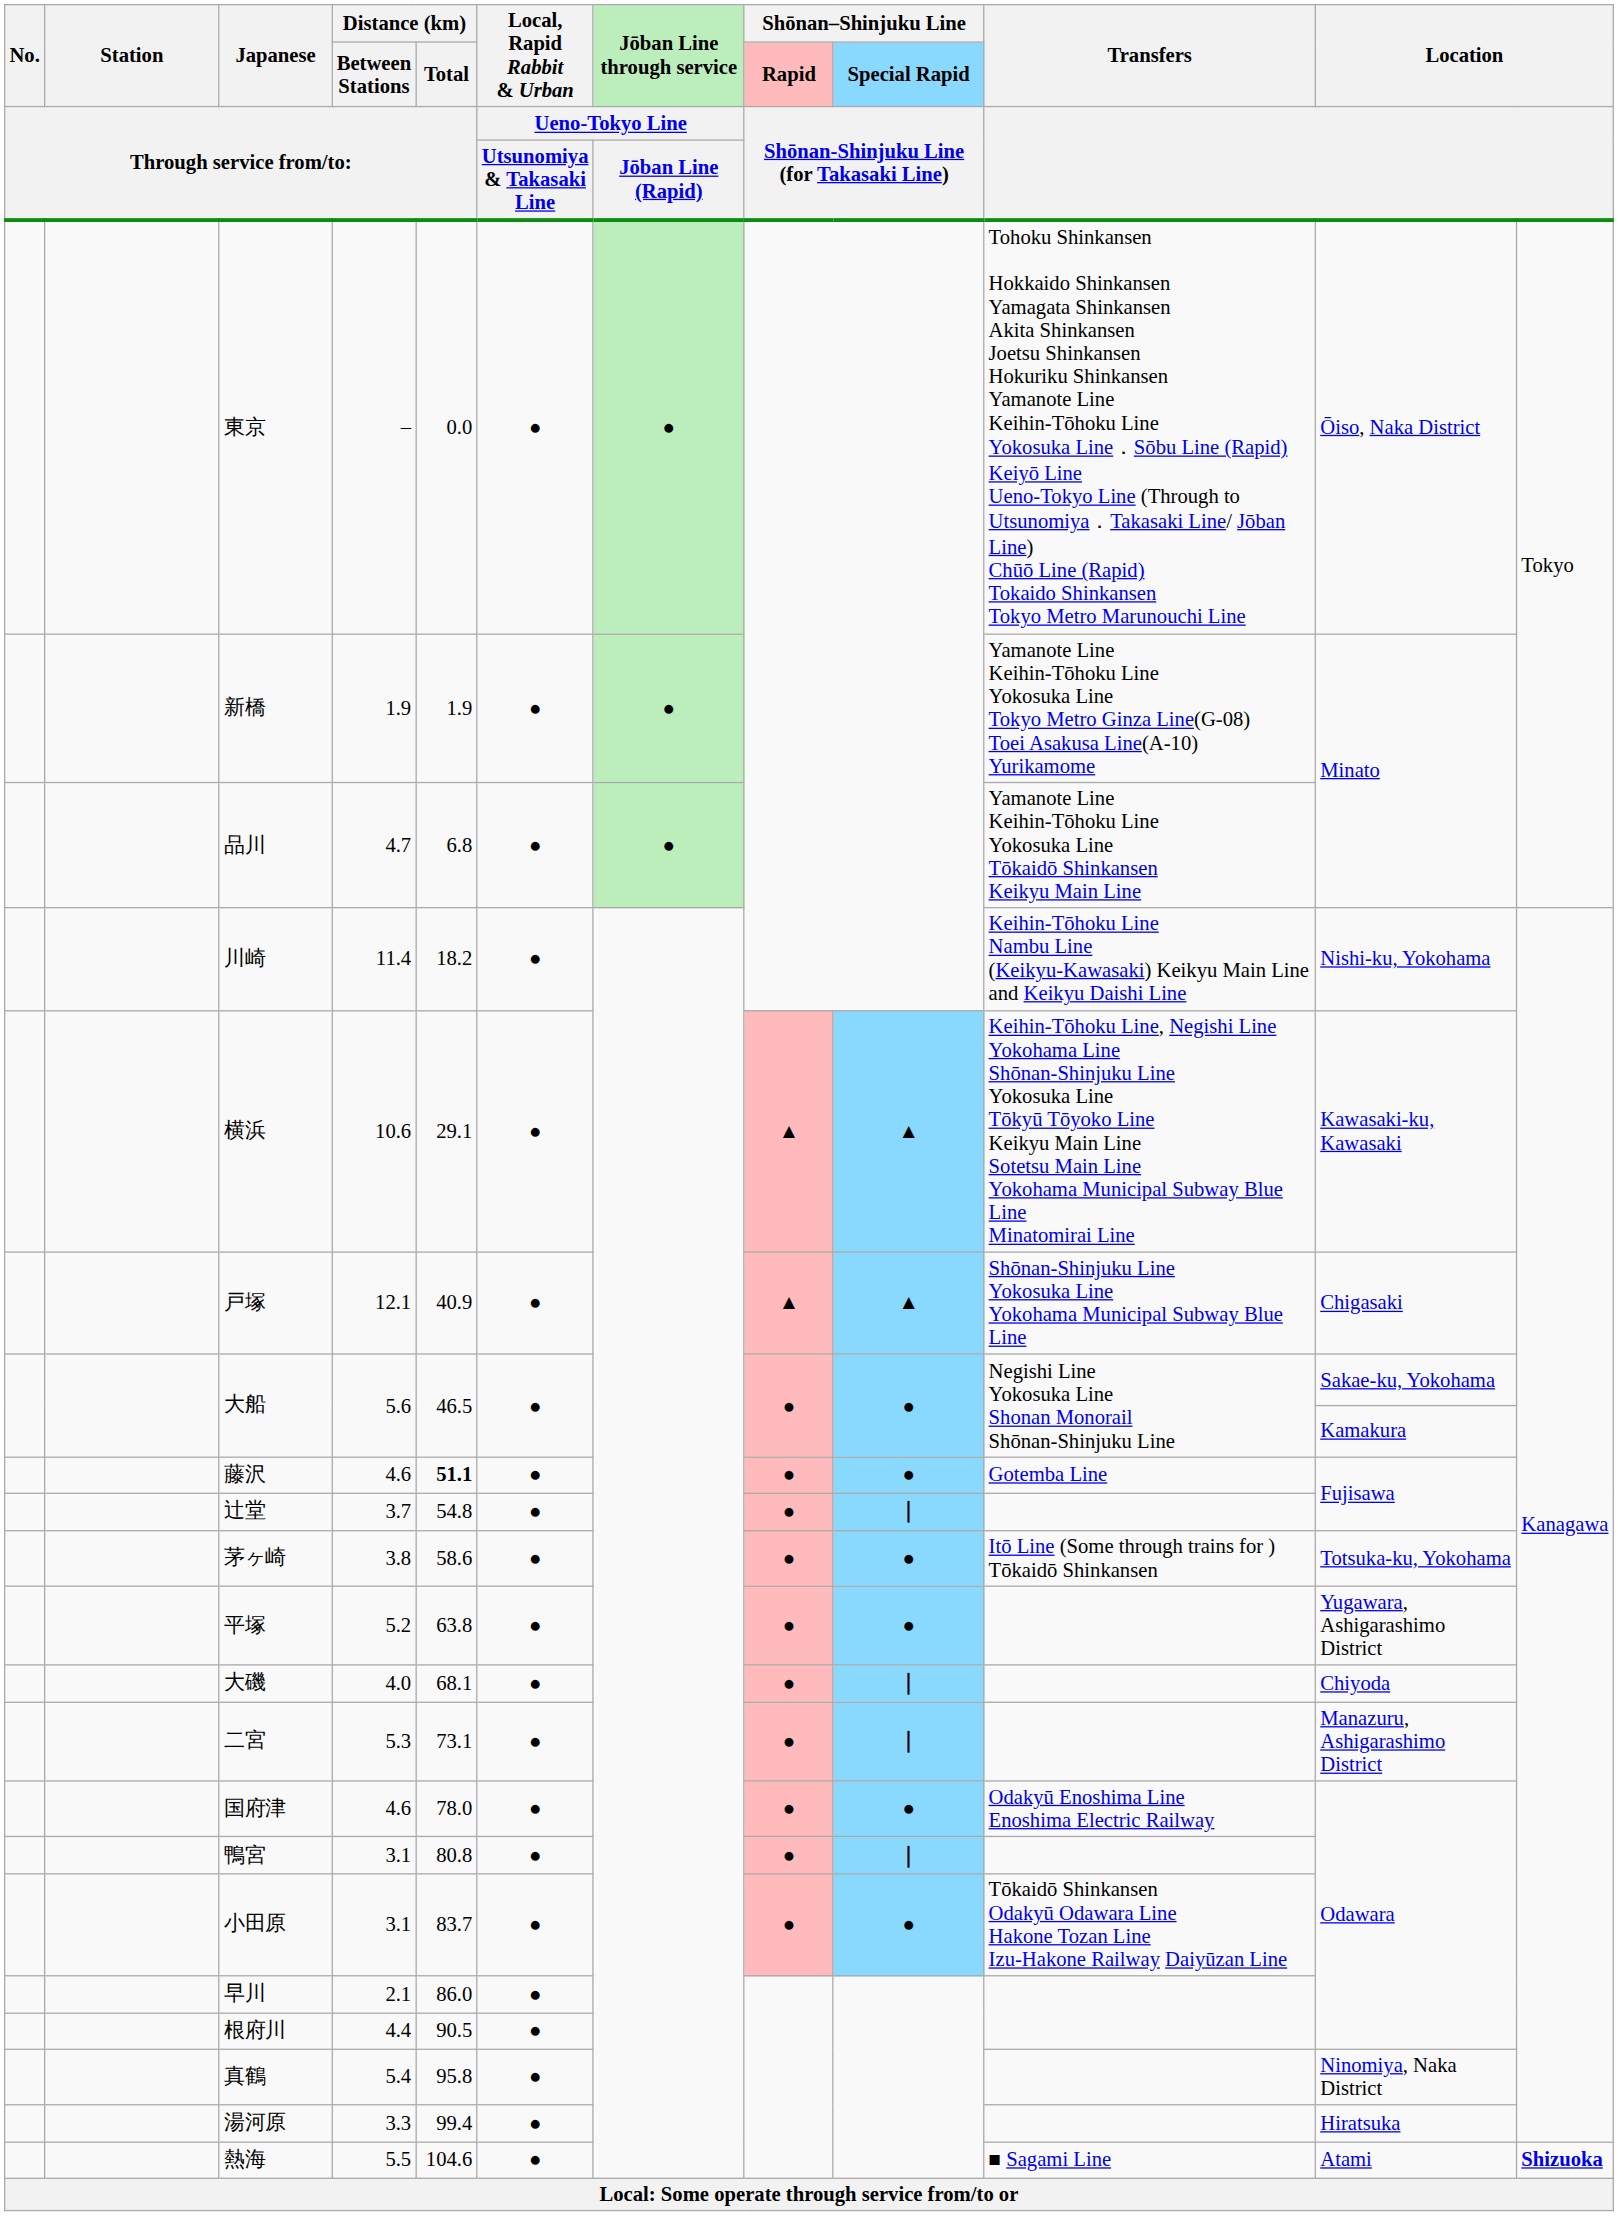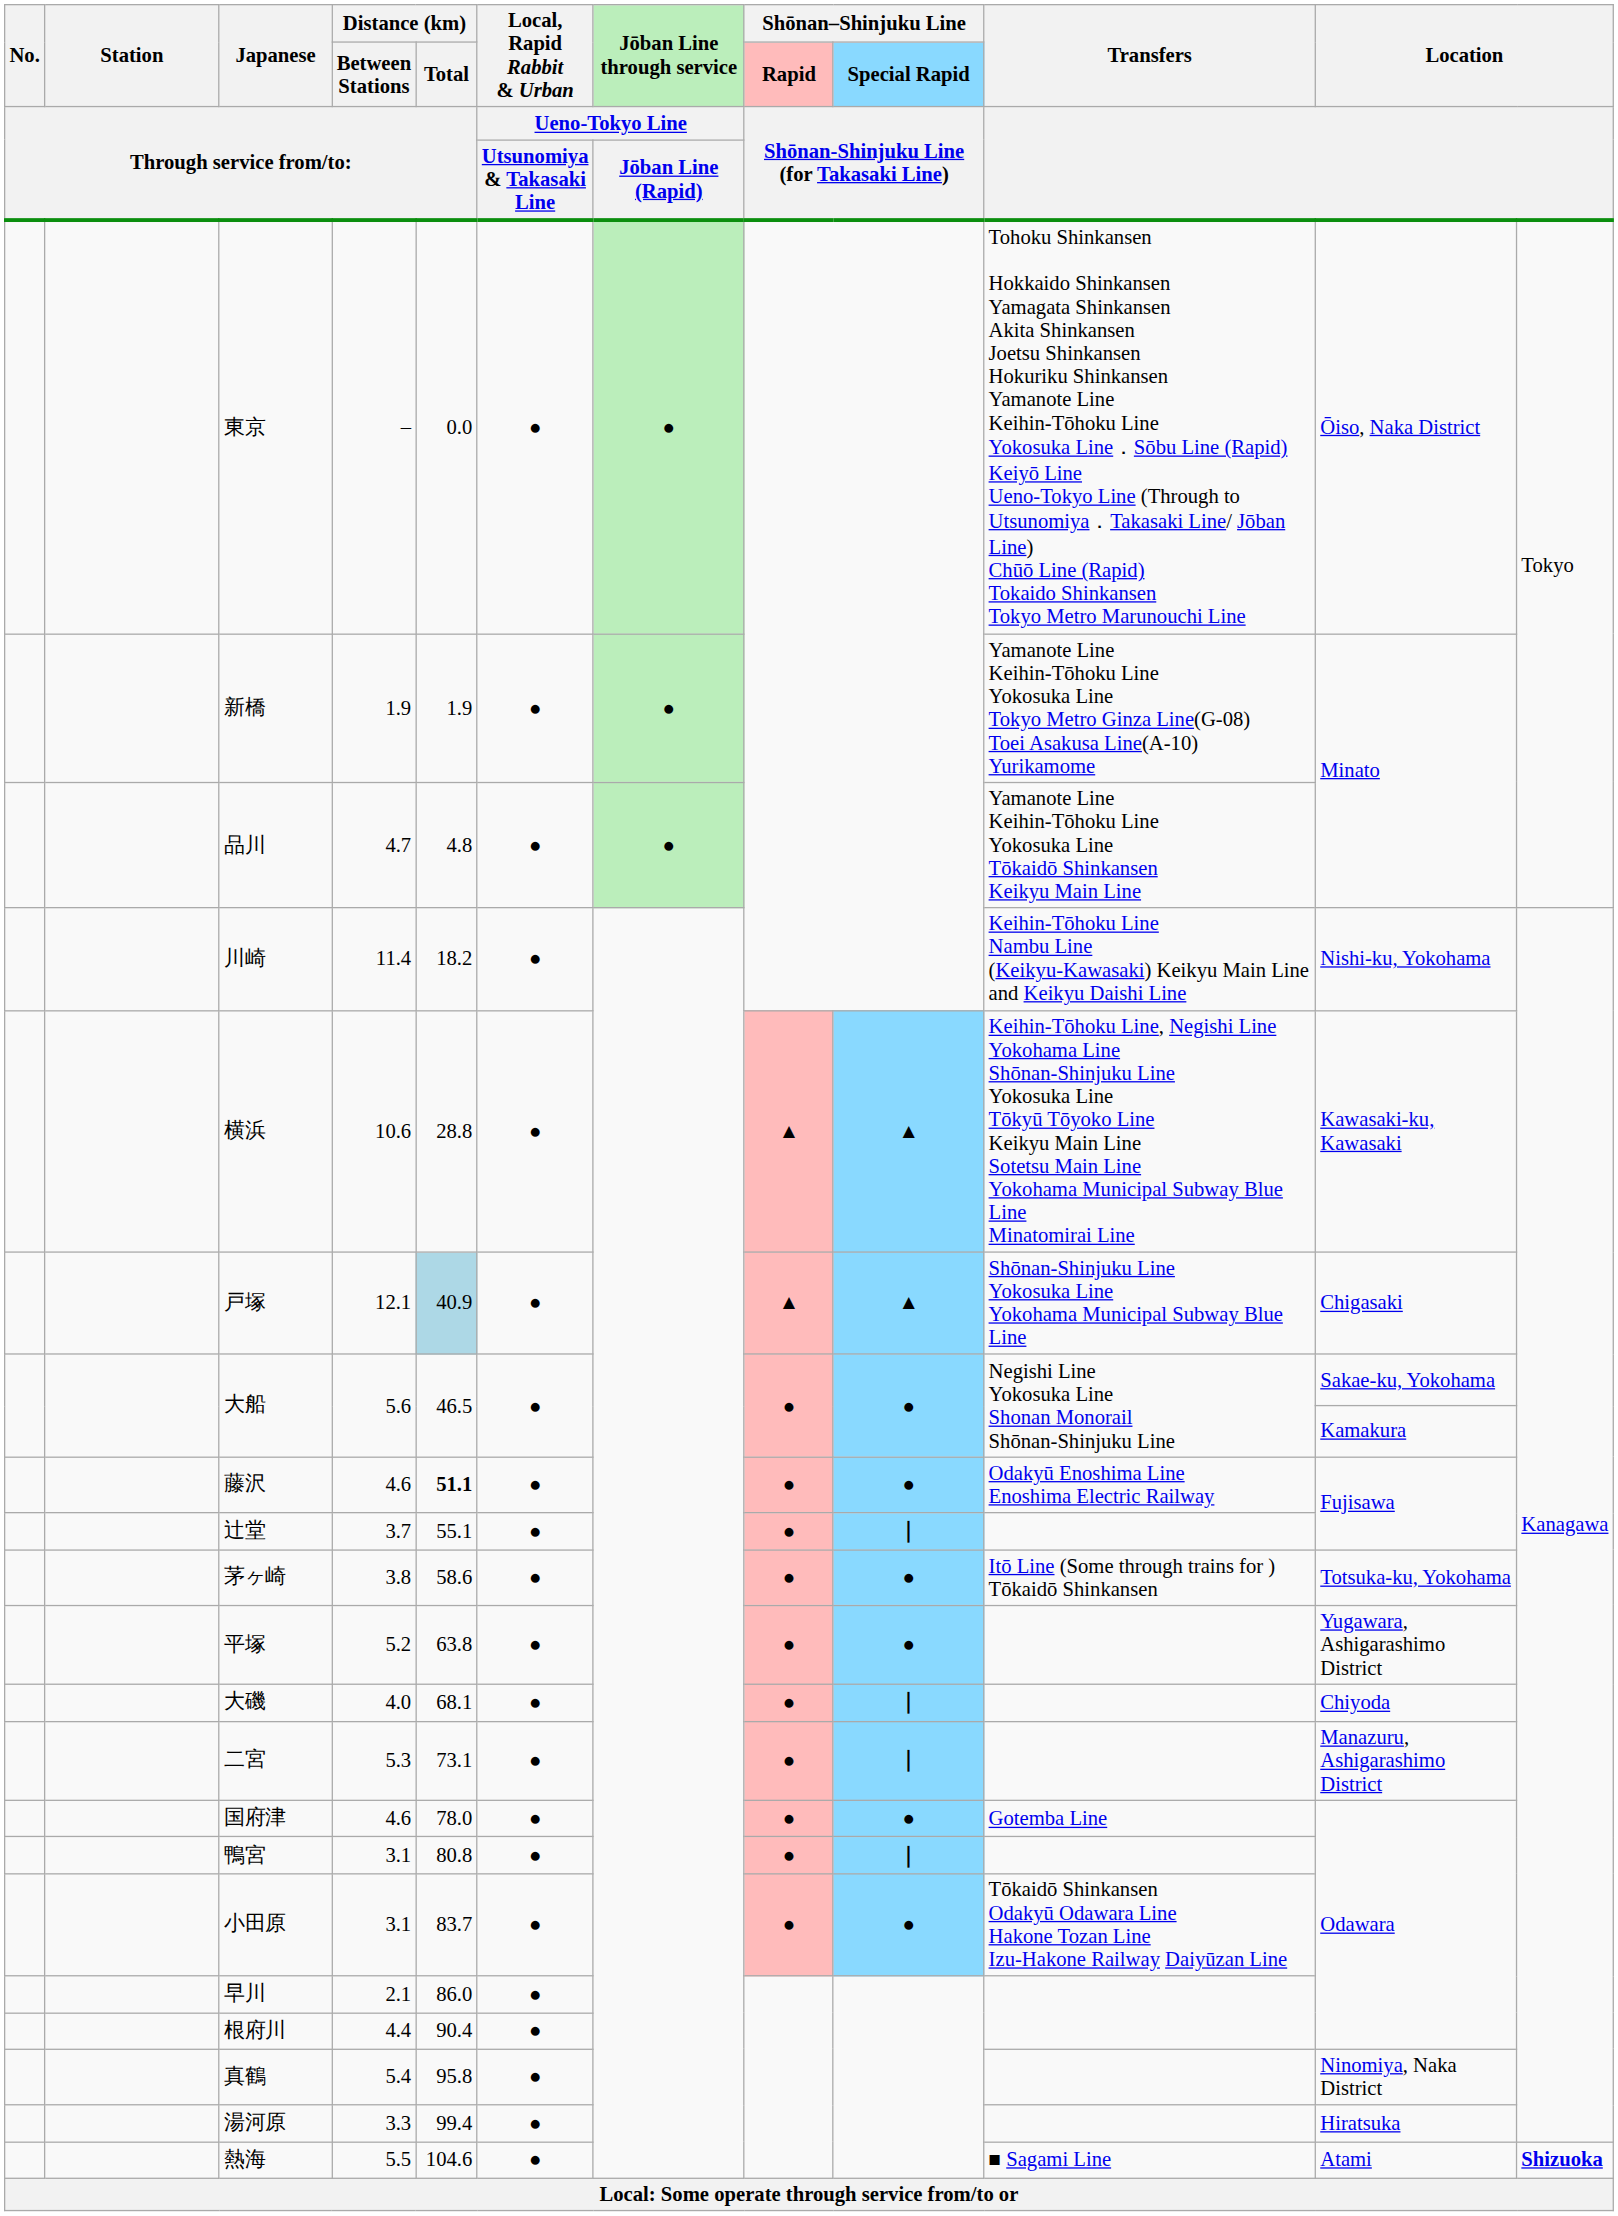 <table class="wikitable" rules="all">
 <tr>
 <th rowspan="2">No.</th>
 <th style="width: 8em;" rowspan="2">Station</th>
 <th style="width: 5em;" rowspan="2">Japanese</th>
 <th colspan="2">Distance (km)</th>
 <th style="width: 50pt;" rowspan="2">Local,<br> Rapid <em>Rabbit</em><br> & <em>Urban</em></th>
 <th style="background:#beb" rowspan="2">Jōban Line through service</th>
 <th colspan="2"><strong>Shōnan–Shinjuku Line</strong></th>
 <th rowspan="2">Transfers</th>
 <th rowspan="2" colspan=2>Location</th>
 </tr>
 <tr>
 <th style="width: 2.5em;">Between<br>Stations</th>
 <th style="width: 2.5em;">Total</th>
 <th style="background:#fbb">Rapid</th>
 <th style="background:#89d9ff">Special Rapid</th>
 </tr>
 <tr>
 <th style="border-bottom:3px solid #0B8E0E" colspan="5" rowspan="2">Through service from/to:</th>
 <th colspan="2"> <a href='#'>Ueno-Tokyo Line</a></th>
 <th colspan="2" rowspan="2" style="border-bottom:3px solid #0B8E0E"> <a href='#'>Shōnan-Shinjuku Line</a> (for  <a href='#'>Takasaki Line</a>)</th>
 <th colspan="3" rowspan="2" style="border-bottom:3px solid #0B8E0E"></th>
 </tr>
 <tr>
 <th style="border-bottom:3px solid #0B8E0E"> <a href='#'>Utsunomiya</a><br>& <a href='#'>Takasaki Line</a></th>
 <th style="border-bottom:3px solid #0B8E0E"> <a href='#'>Jōban Line (Rapid)</a></th>
 </tr>
 <tr>
 <td></td>
 <td></td>
 <td>東京</td>
 <td style="text-align: right">–</td>
 <td style="text-align: right">0.0</td>
 <td style="text-align: center">●</td>
 <td style="text-align: center; background:#beb">●</td>
 <td colspan="2" rowspan="4" style="text-align: center"></td>
 <td> Tohoku Shinkansen<br><br> Hokkaido Shinkansen<br>  Yamagata Shinkansen<br>  Akita Shinkansen<br>  Joetsu Shinkansen<br>  Hokuriku Shinkansen<br>  Yamanote Line <br>  Keihin-Tōhoku Line <br>  <a href='#'>Yokosuka Line</a>．<a href='#'>Sōbu Line (Rapid)</a><br>  <a href='#'>Keiyō Line</a> <br>  <a href='#'>Ueno-Tokyo Line</a> (Through to  <a href='#'>Utsunomiya</a>．<a href='#'>Takasaki Line</a>/ <a href='#'>Jōban Line</a>)<br>  <a href='#'>Chūō Line (Rapid)</a><br>  <a href='#'>Tokaido Shinkansen</a><br>  <a href='#'>Tokyo Metro Marunouchi Line</a></td>
 <td><a href='#'>Ōiso</a>, <a href='#'>Naka District</a></td>
 <td rowspan="3">Tokyo</td>
 </tr>
 <tr>
 <td></td>
 <td></td>
 <td>新橋</td>
 <td style="text-align: right">1.9</td>
 <td style="text-align: right">1.9</td>
 <td style="text-align: center">●</td>
 <td style="text-align: center; background:#beb">●</td>
 <td> Yamanote Line<br> Keihin-Tōhoku Line<br> Yokosuka Line<br> <a href='#'>Tokyo Metro Ginza Line</a>(G-08)<br> <a href='#'>Toei Asakusa Line</a>(A-10)<br> <a href='#'>Yurikamome</a></td>
 <td rowspan="2"><a href='#'>Minato</a></td>
 </tr>
 <tr>
 <td></td>
 <td></td>
 <td>品川</td>
 <td style="text-align: right">4.7</td>
-<td style="text-align: right">6.8</td>
+<td style="text-align: right">4.8</td>
 <td style="text-align: center">●</td>
 <td style="text-align: center; background:#beb">●</td>
 <td> Yamanote Line<br> Keihin-Tōhoku Line<br> Yokosuka Line<br> <a href='#'>Tōkaidō Shinkansen</a><br> <a href='#'>Keikyu Main Line</a></td>
 </tr>
 <tr>
 <td></td>
 <td></td>
 <td>川崎</td>
 <td style="text-align: right">11.4</td>
 <td style="text-align: right">18.2</td>
 <td style="text-align: center">●</td>
 <td rowspan="19"></td>
 <td> <a href='#'>Keihin-Tōhoku Line</a><br> <a href='#'>Nambu Line</a><br>(<a href='#'>Keikyu-Kawasaki</a>)  Keikyu Main Line and  <a href='#'>Keikyu Daishi Line</a></td>
 <td><a href='#'>Nishi-ku, Yokohama</a></td>
 <td rowspan="18"><a href='#'>Kanagawa</a></td>
 </tr>
 <tr>
 <td></td>
 <td></td>
 <td>横浜</td>
 <td style="text-align: right">10.6</td>
-<td style="text-align: right">29.1</td>
+<td style="text-align: right">28.8</td>
 <td style="text-align: center">●</td>
 <td style="text-align: center; background:#fbb">▲</td>
 <td style="text-align: center; background:#89d9ff">▲</td>
 <td> <a href='#'>Keihin-Tōhoku Line</a>, <a href='#'>Negishi Line</a><br> <a href='#'>Yokohama Line</a><br> <a href='#'>Shōnan-Shinjuku Line</a><br> Yokosuka Line<br> <a href='#'>Tōkyū Tōyoko Line</a><br> Keikyu Main Line<br> <a href='#'>Sotetsu Main Line</a><br> <a href='#'>Yokohama Municipal Subway Blue Line</a><br> <a href='#'>Minatomirai Line</a></td>
 <td><a href='#'>Kawasaki-ku, Kawasaki</a></td>
 </tr>
 <tr>
 <td></td>
 <td></td>
 <td>戸塚</td>
 <td style="text-align: right">12.1</td>
-<td style="text-align: right">40.9</td>
+<td style="background: lightblue; text-align: right">40.9</td>
 <td style="text-align: center">●</td>
 <td style="text-align: center; background:#fbb">▲</td>
 <td style="text-align: center; background:#89d9ff">▲</td>
 <td> <a href='#'>Shōnan-Shinjuku Line</a><br> <a href='#'>Yokosuka Line</a><br>  <a href='#'>Yokohama Municipal Subway Blue Line</a></td>
 <td><a href='#'>Chigasaki</a></td>
 </tr>
 <tr>
 <td rowspan="2"></td>
 <td rowspan="2"></td>
 <td rowspan="2">大船</td>
 <td rowspan="2" style="text-align: right">5.6</td>
 <td rowspan="2" style="text-align: right">46.5</td>
 <td rowspan="2" style="text-align: center">●</td>
 <td rowspan="2" style="text-align: center; background:#fbb">●</td>
 <td rowspan="2" style="text-align: center; background:#89d9ff">●</td>
 <td rowspan="2"> Negishi Line<br> Yokosuka Line<br><a href='#'>Shonan Monorail</a><br>  Shōnan-Shinjuku Line</td>
 <td><a href='#'>Sakae-ku, Yokohama</a></td>
 </tr>
 <tr>
 <td><a href='#'>Kamakura</a></td>
 </tr>
 <tr>
 <td></td>
 <td></td>
 <td>藤沢</td>
 <td style="text-align: right">4.6</td>
 <td style="text-align: right"><strong>51.1</strong></td>
 <td style="text-align: center">●</td>
 <td style="text-align: center; background:#fbb">●</td>
 <td style="text-align: center; background:#89d9ff">●</td>
-<td> <a href='#'>Gotemba Line</a></td>
+<td> <a href='#'>Odakyū Enoshima Line</a><br><a href='#'>Enoshima Electric Railway</a></td>
 <td rowspan="2"><a href='#'>Fujisawa</a></td>
 </tr>
 <tr>
 <td></td>
 <td></td>
 <td>辻堂</td>
 <td style="text-align: right">3.7</td>
-<td style="text-align: right">54.8</td>
+<td style="text-align: right">55.1</td>
 <td style="text-align: center">●</td>
 <td style="text-align: center; background:#fbb">●</td>
 <td style="text-align: center; background:#89d9ff"><strong>｜</strong></td>
 </tr>
 <tr>
 <td></td>
 <td></td>
 <td>茅ヶ崎</td>
 <td style="text-align: right">3.8</td>
 <td style="text-align: right">58.6</td>
 <td style="text-align: center">●</td>
 <td style="text-align: center; background:#fbb">●</td>
 <td style="text-align: center; background:#89d9ff">●</td>
 <td> <a href='#'>Itō Line</a> (Some through trains for )<br> Tōkaidō Shinkansen</td>
 <td><a href='#'>Totsuka-ku, Yokohama</a></td>
 </tr>
 <tr>
 <td></td>
 <td></td>
 <td>平塚</td>
 <td style="text-align: right">5.2</td>
 <td style="text-align: right">63.8</td>
 <td style="text-align: center">●</td>
 <td style="text-align: center; background:#fbb">●</td>
 <td style="text-align: center; background:#89d9ff">●</td>
 <td> </td>
 <td><a href='#'>Yugawara</a>, Ashigarashimo District</td>
 </tr>
 <tr>
 <td></td>
 <td></td>
 <td>大磯</td>
 <td style="text-align: right">4.0</td>
 <td style="text-align: right">68.1</td>
 <td style="text-align: center">●</td>
 <td style="text-align: center; background:#fbb">●</td>
 <td style="text-align: center; background:#89d9ff"><strong>｜</strong></td>
 <td> </td>
 <td><a href='#'>Chiyoda</a></td>
 </tr>
 <tr>
 <td></td>
 <td></td>
 <td>二宮</td>
 <td style="text-align: right">5.3</td>
 <td style="text-align: right">73.1</td>
 <td style="text-align: center">●</td>
 <td style="text-align: center; background:#fbb">●</td>
 <td style="text-align: center; background:#89d9ff"><strong>｜</strong></td>
 <td> </td>
 <td><a href='#'>Manazuru</a>, <a href='#'>Ashigarashimo District</a></td>
 </tr>
 <tr>
 <td></td>
 <td></td>
 <td>国府津</td>
 <td style="text-align: right">4.6</td>
 <td style="text-align: right">78.0</td>
 <td style="text-align: center">●</td>
 <td style="text-align: center; background:#fbb">●</td>
 <td style="text-align: center; background:#89d9ff">●</td>
-<td> <a href='#'>Odakyū Enoshima Line</a><br><a href='#'>Enoshima Electric Railway</a></td>
+<td> <a href='#'>Gotemba Line</a></td>
 <td rowspan=5><a href='#'>Odawara</a></td>
 </tr>
 <tr>
 <td></td>
 <td></td>
 <td>鴨宮</td>
 <td style="text-align: right">3.1</td>
 <td style="text-align: right">80.8</td>
 <td style="text-align: center">●</td>
 <td style="text-align: center; background:#fbb">●</td>
 <td style="text-align: center; background:#89d9ff"><strong>｜</strong></td>
 <td> </td>
 </tr>
 <tr>
 <td></td>
 <td></td>
 <td>小田原</td>
 <td style="text-align: right">3.1</td>
 <td style="text-align: right">83.7</td>
 <td style="text-align: center">●</td>
 <td style="text-align: center; background:#fbb">●</td>
 <td style="text-align: center; background:#89d9ff">●</td>
 <td> Tōkaidō Shinkansen<br> <a href='#'>Odakyū Odawara Line</a><br> <a href='#'>Hakone Tozan Line</a><br><a href='#'>Izu-Hakone Railway</a> <a href='#'>Daiyūzan Line</a></td>
 </tr>
 <tr>
 <td></td>
 <td></td>
 <td>早川</td>
 <td style="text-align: right">2.1</td>
 <td style="text-align: right">86.0</td>
 <td style="text-align: center">●</td>
 <td rowspan="5"></td>
 <td rowspan="5"></td>
 </tr>
 <tr>
 <td></td>
 <td></td>
 <td>根府川</td>
 <td style="text-align: right">4.4</td>
-<td style="text-align: right">90.5</td>
+<td style="text-align: right">90.4</td>
 <td style="text-align: center">●</td>
 </tr>
 <tr>
 <td></td>
 <td></td>
 <td>真鶴</td>
 <td style="text-align: right">5.4</td>
 <td style="text-align: right">95.8</td>
 <td style="text-align: center">●</td>
 <td> </td>
 <td><a href='#'>Ninomiya</a>, Naka District</td>
 </tr>
 <tr>
 <td></td>
 <td></td>
 <td>湯河原</td>
 <td style="text-align: right">3.3</td>
 <td style="text-align: right">99.4</td>
 <td style="text-align: center">●</td>
 <td> </td>
 <td><a href='#'>Hiratsuka</a></td>
 </tr>
 <tr>
 <td></td>
 <td></td>
 <td>熱海</td>
 <td style="text-align: right">5.5</td>
 <td style="text-align: right">104.6</td>
 <td style="text-align: center">●</td>
 <td><span>■</span> <a href='#'>Sagami Line</a></td>
 <td><a href='#'>Atami</a></td>
 <td><strong><a href='#'>Shizuoka</a></strong></td>
 </tr>
 <tr>
 <th colspan="12">Local: Some operate through service from/to  or </th>
 </tr>
 </table>
